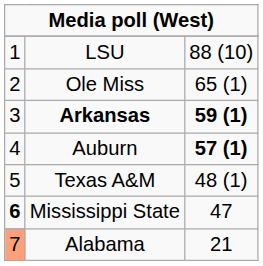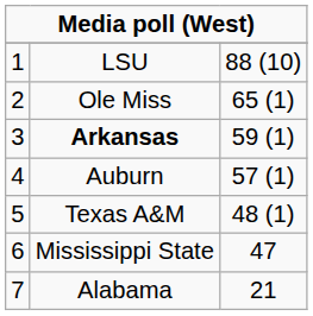 <table class="wikitable">
 <tr align="center">
 <td align="center" Colspan="3"><strong>Media poll (West)</strong></td>
 </tr>
 <tr align="center">
 </tr>
 <tr align="center">
 <td>1</td>
 <td>LSU</td>
 <td>88 (10)</td>
 </tr>
 <tr align="center">
 <td>2</td>
 <td>Ole Miss</td>
 <td>65 (1)</td>
 </tr>
 <tr align="center">
 <td>3</td>
 <td><strong>Arkansas</strong></td>
-<td><strong>59 (1)</strong></td>
+<td>59 (1)</td>
 </tr>
 <tr align="center">
 <td>4</td>
 <td>Auburn</td>
-<td><strong>57 (1)</strong></td>
+<td>57 (1)</td>
 </tr>
 <tr align="center">
 <td>5</td>
 <td>Texas A&M</td>
 <td>48 (1)</td>
 </tr>
 <tr align="center">
-<td><strong>6</strong></td>
+<td>6</td>
 <td>Mississippi State</td>
 <td>47</td>
 </tr>
 <tr align="center">
-<td style="background: lightsalmon;">7</td>
+<td>7</td>
 <td>Alabama</td>
 <td>21</td>
 </tr>
 </table>
